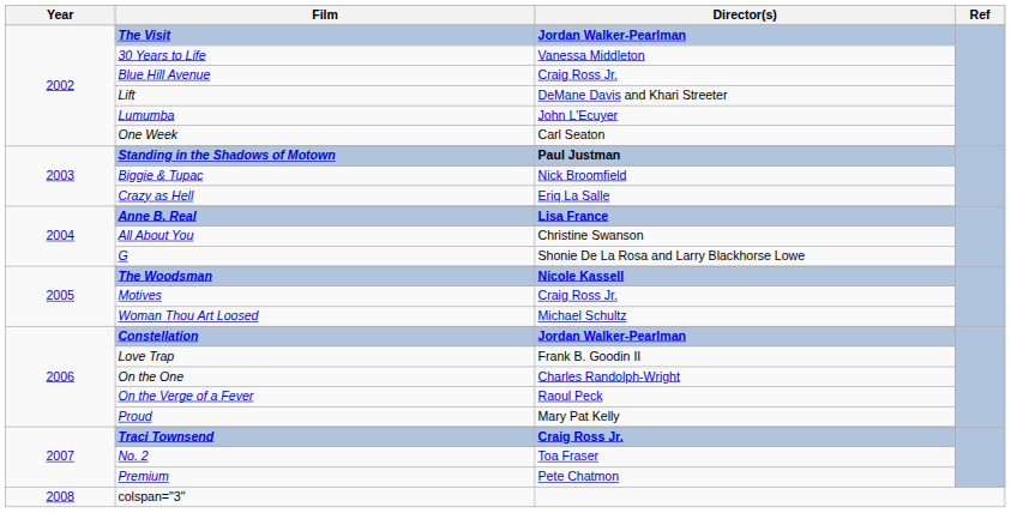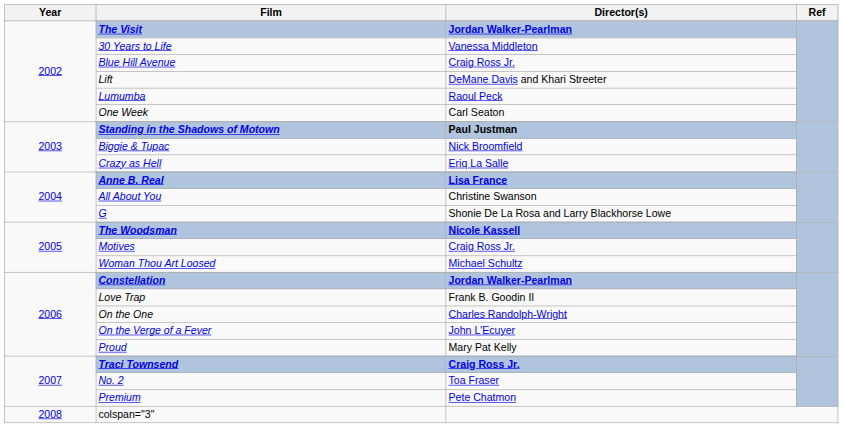 <table class="wikitable" style="width:100%;">
 <tr style="background:#bebebe;">
 <th style="width:11%;">Year</th>
 <th style="width:42%;">Film</th>
 <th style="width:42%;">Director(s)</th>
 <th style="width:5%;">Ref</th>
 </tr>
 <tr>
 <td rowspan="7" align="center"><a href='#'>2002</a></td>
 </tr>
 <tr style="background:#B0C4DE">
 <td><strong><em><a href='#'>The Visit</a></em></strong></td>
 <td><strong><a href='#'>Jordan Walker-Pearlman</a></strong></td>
 <td rowspan="7" align="center"></td>
 </tr>
 <tr>
 <td><em><a href='#'>30 Years to Life</a></em></td>
 <td><a href='#'>Vanessa Middleton</a></td>
 </tr>
 <tr>
 <td><em><a href='#'>Blue Hill Avenue</a></em></td>
 <td><a href='#'>Craig Ross Jr.</a></td>
 </tr>
 <tr>
 <td><em>Lift</em></td>
 <td><a href='#'>DeMane Davis</a> and Khari Streeter</td>
 </tr>
 <tr>
 <td><em><a href='#'>Lumumba</a></em></td>
-<td><a href='#'>John L'Ecuyer</a></td>
+<td><a href='#'>Raoul Peck</a></td>
 </tr>
 <tr>
 <td><em>One Week</em></td>
 <td>Carl Seaton</td>
 </tr>
 <tr>
 <td rowspan="4" align="center"><a href='#'>2003</a></td>
 </tr>
 <tr style="background:#B0C4DE">
 <td><strong><em><a href='#'>Standing in the Shadows of Motown</a></em></strong></td>
 <td><strong>Paul Justman</strong></td>
 <td rowspan="4" align="center"></td>
 </tr>
 <tr>
 <td><em><a href='#'>Biggie & Tupac</a></em></td>
 <td><a href='#'>Nick Broomfield</a></td>
 </tr>
 <tr>
 <td><em><a href='#'>Crazy as Hell</a></em></td>
 <td><a href='#'>Eriq La Salle</a></td>
 </tr>
 <tr>
 <td rowspan="4" align="center"><a href='#'>2004</a></td>
 </tr>
 <tr style="background:#B0C4DE">
 <td><strong><em><a href='#'>Anne B. Real</a></em></strong></td>
 <td><strong><a href='#'>Lisa France</a></strong></td>
 <td rowspan="4" align="center"></td>
 </tr>
 <tr>
 <td><em><a href='#'>All About You</a></em></td>
 <td>Christine Swanson</td>
 </tr>
 <tr>
 <td><em><a href='#'>G</a></em></td>
 <td>Shonie De La Rosa and Larry Blackhorse Lowe</td>
 </tr>
 <tr>
 <td rowspan="4" align="center"><a href='#'>2005</a></td>
 </tr>
 <tr style="background:#B0C4DE">
 <td><strong><em><a href='#'>The Woodsman</a></em></strong></td>
 <td><strong><a href='#'>Nicole Kassell</a></strong></td>
 <td rowspan="4" align="center"></td>
 </tr>
 <tr>
 <td><em><a href='#'>Motives</a></em></td>
 <td><a href='#'>Craig Ross Jr.</a></td>
 </tr>
 <tr>
 <td><em><a href='#'>Woman Thou Art Loosed</a></em></td>
 <td><a href='#'>Michael Schultz</a></td>
 </tr>
 <tr>
 <td rowspan="6" align="center"><a href='#'>2006</a></td>
 </tr>
 <tr style="background:#B0C4DE">
 <td><strong><em><a href='#'>Constellation</a></em></strong></td>
 <td><strong><a href='#'>Jordan Walker-Pearlman</a></strong></td>
 <td rowspan="6" align="center"></td>
 </tr>
 <tr>
 <td><em>Love Trap</em></td>
 <td>Frank B. Goodin II</td>
 </tr>
 <tr>
 <td><em>On the One</em></td>
 <td><a href='#'>Charles Randolph-Wright</a></td>
 </tr>
 <tr>
 <td><em><a href='#'>On the Verge of a Fever</a></em></td>
-<td><a href='#'>Raoul Peck</a></td>
+<td><a href='#'>John L'Ecuyer</a></td>
 </tr>
 <tr>
 <td><em><a href='#'>Proud</a></em></td>
 <td>Mary Pat Kelly</td>
 </tr>
 <tr>
 <td rowspan="4" align="center"><a href='#'>2007</a></td>
 </tr>
 <tr style="background:#B0C4DE">
 <td><strong><em><a href='#'>Traci Townsend</a></em></strong></td>
 <td><strong><a href='#'>Craig Ross Jr.</a></strong></td>
 <td rowspan="3" align="center"></td>
 </tr>
 <tr>
 <td><em><a href='#'>No. 2</a></em></td>
 <td><a href='#'>Toa Fraser</a></td>
 </tr>
 <tr>
 <td><em><a href='#'>Premium</a></em></td>
 <td><a href='#'>Pete Chatmon</a></td>
 </tr>
 <tr>
 <td align="center"><a href='#'>2008</a></td>
 <td>colspan="3" </td>
 </tr>
 </table>
